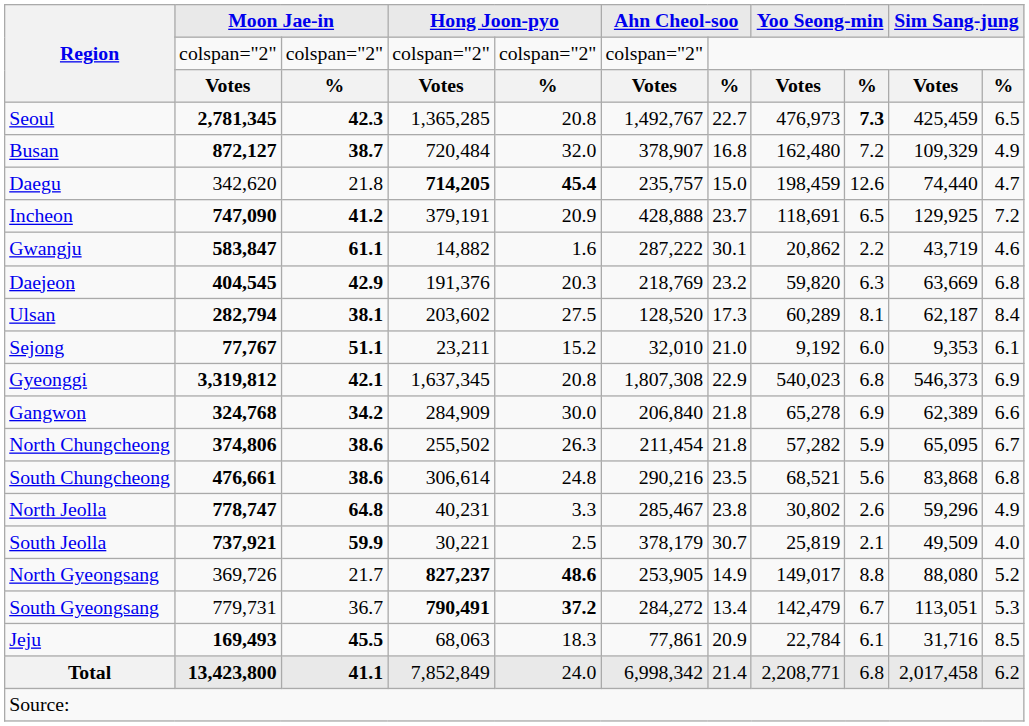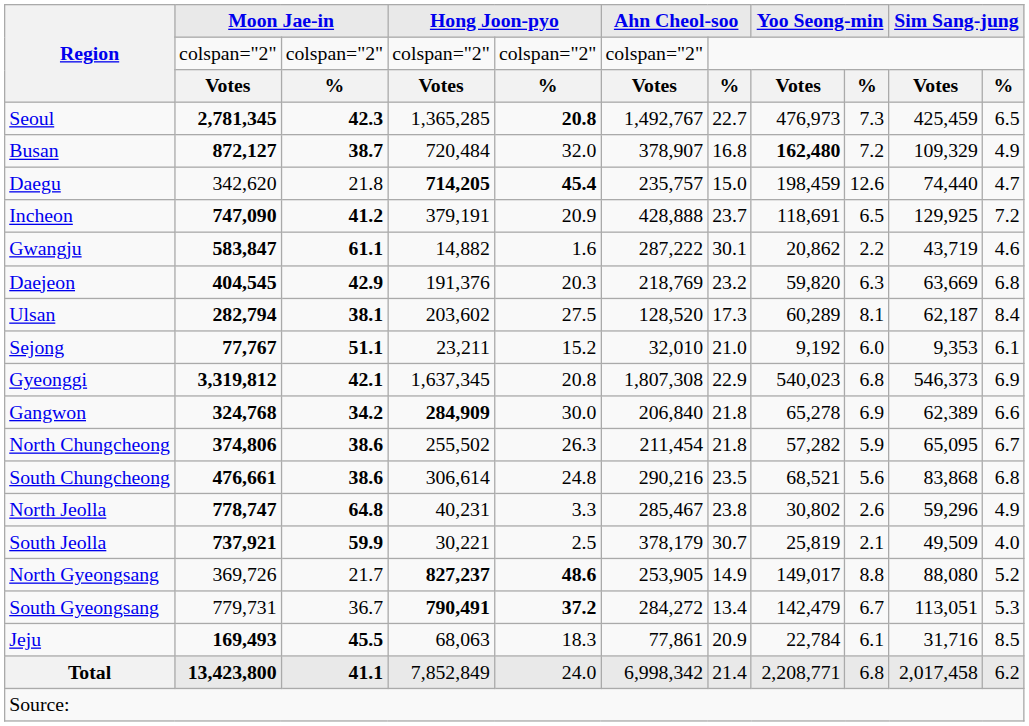 <table class="wikitable" style="text-align:right; font-size:95%">
 <tr>
 <th rowspan="3"><a href='#'>Region</a></th>
 <th colspan="2" style="text-align:center;background: #E9E9E9"><a href='#'>Moon Jae-in</a></th>
 <th colspan="2" style="text-align:center;background: #E9E9E9"><a href='#'>Hong Joon-pyo</a></th>
 <th colspan="2" style="text-align:center;background: #E9E9E9"><a href='#'>Ahn Cheol-soo</a></th>
 <th colspan="2" style="text-align:center;background: #E9E9E9"><a href='#'>Yoo Seong-min</a></th>
 <th colspan="2" style="text-align:center;background: #E9E9E9"><a href='#'>Sim Sang-jung</a></th>
 </tr>
 <tr>
 <td>colspan="2" </td>
 <td>colspan="2" </td>
 <td>colspan="2" </td>
 <td>colspan="2" </td>
 <td>colspan="2" </td>
 </tr>
 <tr>
 <th width="65px">Votes</th>
 <th width="25px">%</th>
 <th width="65px">Votes</th>
 <th width="25px">%</th>
 <th width="65px">Votes</th>
 <th width="25px">%</th>
 <th width="65px">Votes</th>
 <th width="25px">%</th>
 <th width="65px">Votes</th>
 <th width="25px">%</th>
 </tr>
 <tr>
 <td align="left"><a href='#'>Seoul</a></td>
 <td style="background:"><strong>2,781,345</strong></td>
 <td style="background:"><strong>42.3</strong></td>
 <td>1,365,285</td>
-<td>20.8</td>
+<td><strong>20.8</strong></td>
 <td>1,492,767</td>
 <td>22.7</td>
 <td>476,973</td>
-<td><strong>7.3</strong></td>
+<td>7.3</td>
 <td>425,459</td>
 <td>6.5</td>
 </tr>
 <tr>
 <td align="left"><a href='#'>Busan</a></td>
 <td style="background:"><strong>872,127</strong></td>
 <td style="background:"><strong>38.7</strong></td>
 <td>720,484</td>
 <td>32.0</td>
 <td>378,907</td>
 <td>16.8</td>
-<td>162,480</td>
+<td><strong>162,480</strong></td>
 <td>7.2</td>
 <td>109,329</td>
 <td>4.9</td>
 </tr>
 <tr>
 <td align="left"><a href='#'>Daegu</a></td>
 <td>342,620</td>
 <td>21.8</td>
 <td style="background:"><strong>714,205</strong></td>
 <td style="background:"><strong>45.4</strong></td>
 <td>235,757</td>
 <td>15.0</td>
 <td>198,459</td>
 <td>12.6</td>
 <td>74,440</td>
 <td>4.7</td>
 </tr>
 <tr>
 <td align="left"><a href='#'>Incheon</a></td>
 <td style="background:"><strong>747,090</strong></td>
 <td style="background:"><strong>41.2</strong></td>
 <td>379,191</td>
 <td>20.9</td>
 <td>428,888</td>
 <td>23.7</td>
 <td>118,691</td>
 <td>6.5</td>
 <td>129,925</td>
 <td>7.2</td>
 </tr>
 <tr>
 <td align="left"><a href='#'>Gwangju</a></td>
 <td style="background:"><strong>583,847</strong></td>
 <td style="background:"><strong>61.1</strong></td>
 <td>14,882</td>
 <td>1.6</td>
 <td>287,222</td>
 <td>30.1</td>
 <td>20,862</td>
 <td>2.2</td>
 <td>43,719</td>
 <td>4.6</td>
 </tr>
 <tr>
 <td align="left"><a href='#'>Daejeon</a></td>
 <td style="background:"><strong>404,545</strong></td>
 <td style="background:"><strong>42.9</strong></td>
 <td>191,376</td>
 <td>20.3</td>
 <td>218,769</td>
 <td>23.2</td>
 <td>59,820</td>
 <td>6.3</td>
 <td>63,669</td>
 <td>6.8</td>
 </tr>
 <tr>
 <td align="left"><a href='#'>Ulsan</a></td>
 <td style="background:"><strong>282,794</strong></td>
 <td style="background:"><strong>38.1</strong></td>
 <td>203,602</td>
 <td>27.5</td>
 <td>128,520</td>
 <td>17.3</td>
 <td>60,289</td>
 <td>8.1</td>
 <td>62,187</td>
 <td>8.4</td>
 </tr>
 <tr>
 <td align="left"><a href='#'>Sejong</a></td>
 <td style="background:"><strong>77,767</strong></td>
 <td style="background:"><strong>51.1</strong></td>
 <td>23,211</td>
 <td>15.2</td>
 <td>32,010</td>
 <td>21.0</td>
 <td>9,192</td>
 <td>6.0</td>
 <td>9,353</td>
 <td>6.1</td>
 </tr>
 <tr>
 <td align="left"><a href='#'>Gyeonggi</a></td>
 <td style="background:"><strong>3,319,812</strong></td>
 <td style="background:"><strong>42.1</strong></td>
 <td>1,637,345</td>
 <td>20.8</td>
 <td>1,807,308</td>
 <td>22.9</td>
 <td>540,023</td>
 <td>6.8</td>
 <td>546,373</td>
 <td>6.9</td>
 </tr>
 <tr>
 <td align="left"><a href='#'>Gangwon</a></td>
 <td style="background:"><strong>324,768</strong></td>
 <td style="background:"><strong>34.2</strong></td>
-<td>284,909</td>
+<td><strong>284,909</strong></td>
 <td>30.0</td>
 <td>206,840</td>
 <td>21.8</td>
 <td>65,278</td>
 <td>6.9</td>
 <td>62,389</td>
 <td>6.6</td>
 </tr>
 <tr>
 <td align="left"><a href='#'>North Chungcheong</a></td>
 <td style="background:"><strong>374,806</strong></td>
 <td style="background:"><strong>38.6</strong></td>
 <td>255,502</td>
 <td>26.3</td>
 <td>211,454</td>
 <td>21.8</td>
 <td>57,282</td>
 <td>5.9</td>
 <td>65,095</td>
 <td>6.7</td>
 </tr>
 <tr>
 <td align="left"><a href='#'>South Chungcheong</a></td>
 <td style="background:"><strong>476,661</strong></td>
 <td style="background:"><strong>38.6</strong></td>
 <td>306,614</td>
 <td>24.8</td>
 <td>290,216</td>
 <td>23.5</td>
 <td>68,521</td>
 <td>5.6</td>
 <td>83,868</td>
 <td>6.8</td>
 </tr>
 <tr>
 <td align="left"><a href='#'>North Jeolla</a></td>
 <td style="background:"><strong>778,747</strong></td>
 <td style="background:"><strong>64.8</strong></td>
 <td>40,231</td>
 <td>3.3</td>
 <td>285,467</td>
 <td>23.8</td>
 <td>30,802</td>
 <td>2.6</td>
 <td>59,296</td>
 <td>4.9</td>
 </tr>
 <tr>
 <td align="left"><a href='#'>South Jeolla</a></td>
 <td style="background:"><strong>737,921</strong></td>
 <td style="background:"><strong>59.9</strong></td>
 <td>30,221</td>
 <td>2.5</td>
 <td>378,179</td>
 <td>30.7</td>
 <td>25,819</td>
 <td>2.1</td>
 <td>49,509</td>
 <td>4.0</td>
 </tr>
 <tr>
 <td align="left"><a href='#'>North Gyeongsang</a></td>
 <td>369,726</td>
 <td>21.7</td>
 <td style="background:"><strong>827,237</strong></td>
 <td style="background:"><strong>48.6</strong></td>
 <td>253,905</td>
 <td>14.9</td>
 <td>149,017</td>
 <td>8.8</td>
 <td>88,080</td>
 <td>5.2</td>
 </tr>
 <tr>
 <td align="left"><a href='#'>South Gyeongsang</a></td>
 <td>779,731</td>
 <td>36.7</td>
 <td style="background:"><strong>790,491</strong></td>
 <td style="background:"><strong>37.2</strong></td>
 <td>284,272</td>
 <td>13.4</td>
 <td>142,479</td>
 <td>6.7</td>
 <td>113,051</td>
 <td>5.3</td>
 </tr>
 <tr>
 <td align="left"><a href='#'>Jeju</a></td>
 <td style="background:"><strong>169,493</strong></td>
 <td style="background:"><strong>45.5</strong></td>
 <td>68,063</td>
 <td>18.3</td>
 <td>77,861</td>
 <td>20.9</td>
 <td>22,784</td>
 <td>6.1</td>
 <td>31,716</td>
 <td>8.5</td>
 </tr>
 <tr - style="background:#E9E9E9">
 <th align="left">Total</th>
 <td style="background:"><strong>13,423,800</strong></td>
 <td style="background:"><strong>41.1</strong></td>
 <td>7,852,849</td>
 <td>24.0</td>
 <td>6,998,342</td>
 <td>21.4</td>
 <td>2,208,771</td>
 <td>6.8</td>
 <td>2,017,458</td>
 <td>6.2</td>
 </tr>
 <tr>
 <td colspan="11" align="left">Source: </td>
 </tr>
 </table>
